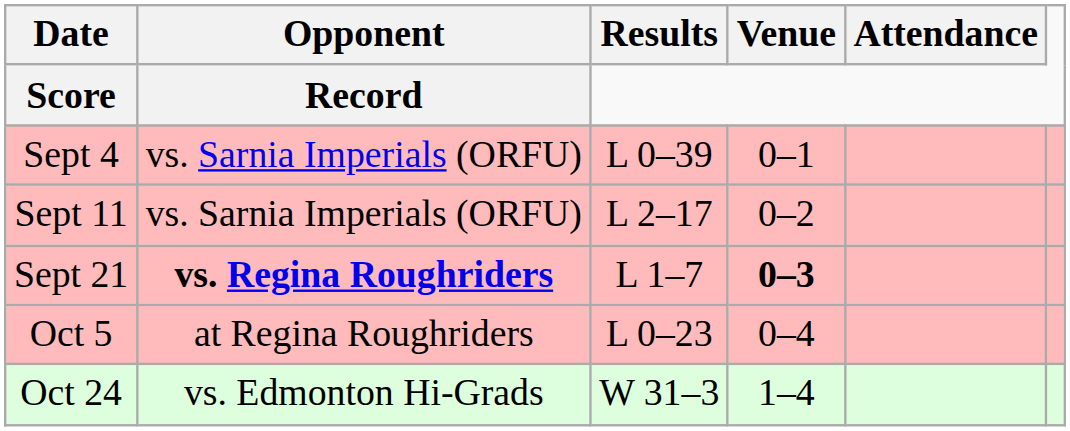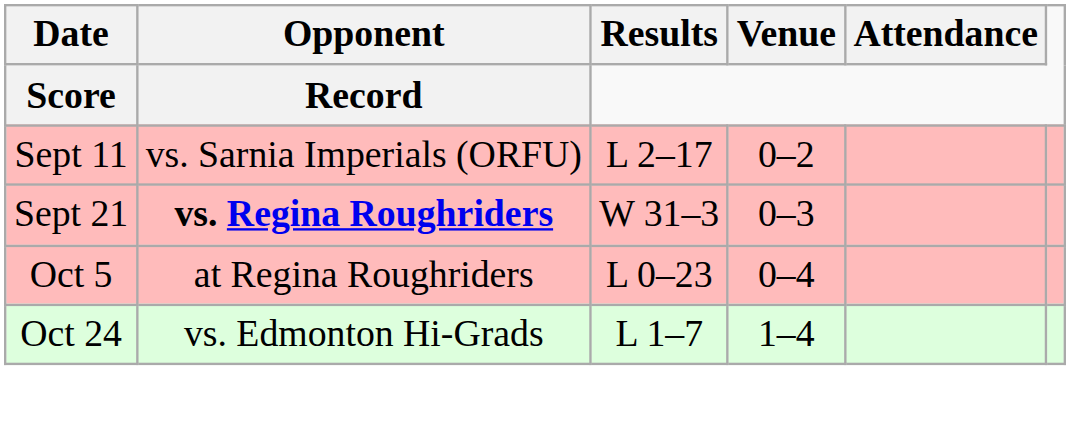 <table class="wikitable" style="text-align:center">
 <tr>
 <th>Date</th>
 <th>Opponent</th>
 <th>Results</th>
 <th>Venue</th>
 <th>Attendance</th>
 </tr>
 <tr>
 <th>Score</th>
 <th>Record</th>
 </tr>
 <tr style="background:#ffbbbb">
-<td>Sept 4</td>
-<td>vs. <a href='#'>Sarnia Imperials</a> (ORFU)</td>
-<td>L 0–39</td>
-<td>0–1</td>
-<td></td>
-<td></td>
-</tr>
-<tr style="background:#ffbbbb">
 <td>Sept 11</td>
 <td>vs. Sarnia Imperials (ORFU)</td>
 <td>L 2–17</td>
 <td>0–2</td>
 <td></td>
 <td></td>
 </tr>
 <tr style="background:#ffbbbb">
 <td>Sept 21</td>
 <td><strong>vs. <a href='#'>Regina Roughriders</a></strong></td>
-<td>L 1–7</td>
-<td><strong>0–3</strong></td>
+<td>W 31–3</td>
+<td>0–3</td>
 <td></td>
 <td></td>
 </tr>
 <tr style="background:#ffbbbb">
 <td>Oct 5</td>
 <td>at Regina Roughriders</td>
 <td>L 0–23</td>
 <td>0–4</td>
 <td></td>
 <td></td>
 </tr>
 <tr style="background:#ddffdd">
 <td>Oct 24</td>
 <td>vs. Edmonton Hi-Grads</td>
-<td>W 31–3</td>
+<td>L 1–7</td>
 <td>1–4</td>
 <td></td>
 <td></td>
 </tr>
 </table>
